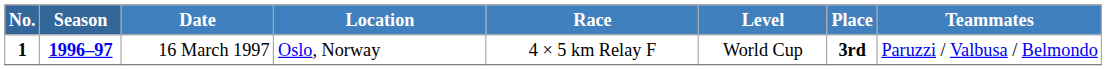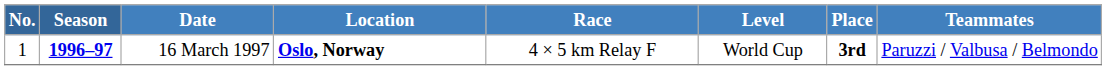 <table class="wikitable sortable" style="font-size:95%; text-align:center; border:grey solid 1px; border-collapse:collapse; background:#ffffff;">
 <tr style="background:#efefef;">
 <th style="background-color:#369; color:white;">No.</th>
 <th style="background-color:#369; color:white;">Season</th>
 <th style="background-color:#4180be; color:white; width:120px;">Date</th>
 <th style="background-color:#4180be; color:white; width:170px;">Location</th>
 <th style="background-color:#4180be; color:white; width:170px;">Race</th>
 <th style="background-color:#4180be; color:white; width:100px;">Level</th>
 <th style="background-color:#4180be; color:white;">Place</th>
 <th style="background-color:#4180be; color:white;">Teammates</th>
 </tr>
 <tr>
-<td align=center><strong>1</strong></td>
+<td align=center>1</td>
 <td rowspan=1 align=center><strong> <a href='#'>1996–97</a> </strong></td>
 <td align=right>16 March 1997</td>
-<td align=left> <a href='#'>Oslo</a>, Norway</td>
+<td align=left><strong> <a href='#'>Oslo</a>, Norway</strong></td>
 <td>4 × 5 km Relay F</td>
 <td>World Cup</td>
 <td><strong>3rd</strong></td>
 <td><a href='#'>Paruzzi</a> / <a href='#'>Valbusa</a> / <a href='#'>Belmondo</a></td>
 </tr>
 <tr>
 </tr>
 </table>
